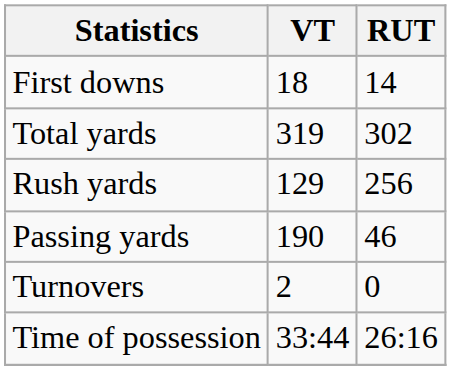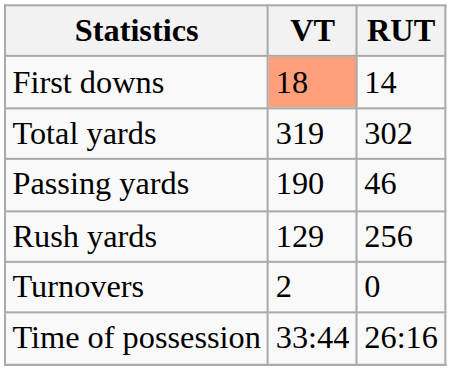 <table class="wikitable" style="float: left;">
 <tr>
 <th>Statistics</th>
 <th>VT</th>
 <th>RUT</th>
 </tr>
 <tr>
 <td>First downs</td>
-<td>18</td>
+<td style="background: lightsalmon;">18</td>
 <td>14</td>
 </tr>
 <tr>
 <td>Total yards</td>
 <td>319</td>
 <td>302</td>
 </tr>
 <tr>
+<td>Passing yards</td>
+<td>190</td>
+<td>46</td>
+</tr>
+<tr>
 <td>Rush yards</td>
 <td>129</td>
 <td>256</td>
-</tr>
-<tr>
-<td>Passing yards</td>
-<td>190</td>
-<td>46</td>
 </tr>
 <tr>
 <td>Turnovers</td>
 <td>2</td>
 <td>0</td>
 </tr>
 <tr>
 <td>Time of possession</td>
 <td>33:44</td>
 <td>26:16</td>
 </tr>
 <tr>
 </tr>
 </table>
